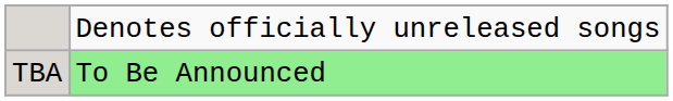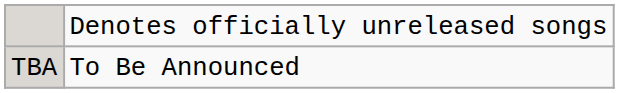 <table class="wikitable">
 <tr>
 <td style="background:#DBD7D2;"></td>
 <td>Denotes officially unreleased songs</td>
 </tr>
 <tr>
 <td style="background:#DBD7D2;">TBA</td>
-<td style="background: lightgreen;">To Be Announced</td>
+<td>To Be Announced</td>
 </tr>
 </table>
